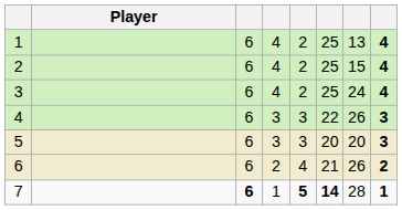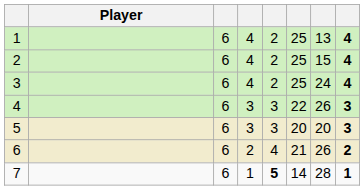 <table class="wikitable" style="text-align:center; margin: 1em auto 1em auto, align:left">
 <tr>
 <th width=20></th>
 <th width=200>Player</th>
 <th width=20></th>
 <th width=20></th>
 <th width=20></th>
 <th width=20></th>
 <th width=20></th>
 <th width=20></th>
 </tr>
 <tr style="background:#D0F0C0;">
 <td>1</td>
 <td align=left></td>
 <td>6</td>
 <td>4</td>
 <td>2</td>
 <td>25</td>
 <td>13</td>
 <td><strong>4</strong></td>
 </tr>
 <tr style="background:#D0F0C0;">
 <td>2</td>
 <td align=left></td>
 <td>6</td>
 <td>4</td>
 <td>2</td>
 <td>25</td>
 <td>15</td>
 <td><strong>4</strong></td>
 </tr>
 <tr style="background:#D0F0C0;">
 <td>3</td>
 <td align=left></td>
 <td>6</td>
 <td>4</td>
 <td>2</td>
 <td>25</td>
 <td>24</td>
 <td><strong>4</strong></td>
 </tr>
 <tr style="background:#D0F0C0;">
 <td>4</td>
 <td align=left></td>
 <td>6</td>
 <td>3</td>
 <td>3</td>
 <td>22</td>
 <td>26</td>
 <td><strong>3</strong></td>
 </tr>
 <tr style="background:#f2ecce;">
 <td>5</td>
 <td align=left></td>
 <td>6</td>
 <td>3</td>
 <td>3</td>
 <td>20</td>
 <td>20</td>
 <td><strong>3</strong></td>
 </tr>
 <tr style="background:#f2ecce;">
 <td>6</td>
 <td align=left></td>
 <td>6</td>
 <td>2</td>
 <td>4</td>
 <td>21</td>
 <td>26</td>
 <td><strong>2</strong></td>
 </tr>
 <tr style=>
 <td>7</td>
 <td align=left></td>
-<td><strong>6</strong></td>
+<td>6</td>
 <td>1</td>
 <td><strong>5</strong></td>
-<td><strong>14</strong></td>
+<td>14</td>
 <td>28</td>
 <td><strong>1</strong></td>
 </tr>
 </table>
